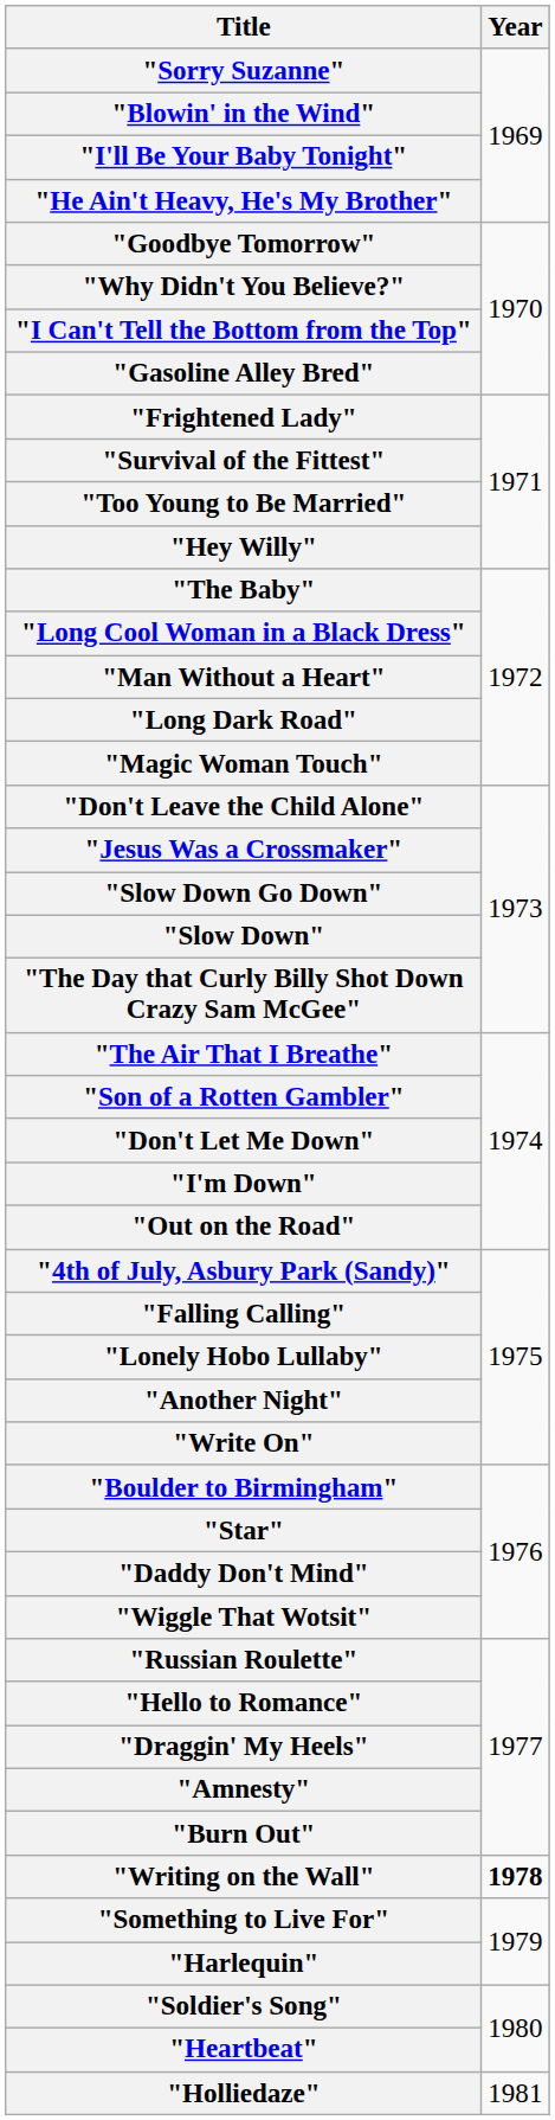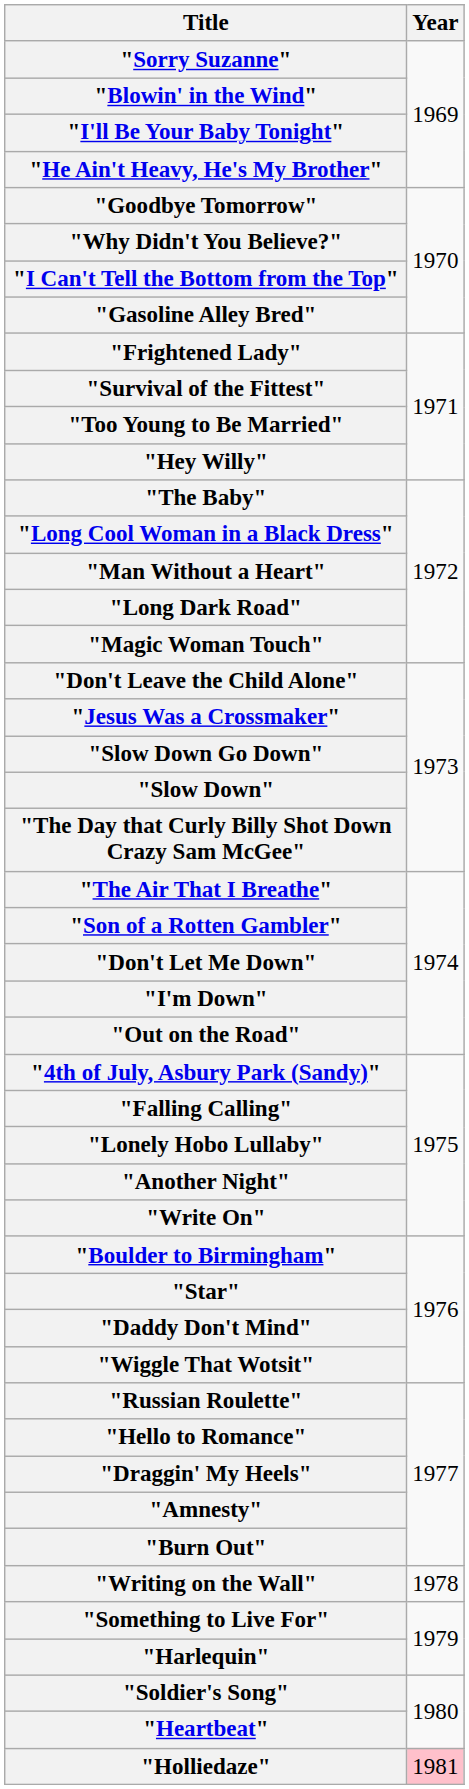 <table class="wikitable plainrowheaders" style="text-align:center;">
 <tr>
 <th rowspan="1" scope="col" style="width:17em;">Title</th>
 <th rowspan="1" scope="col" style="width:2em;">Year</th>
 </tr>
 <tr>
 <th scope="row">"<a href='#'>Sorry Suzanne</a>"</th>
 <td rowspan="4">1969</td>
 </tr>
 <tr>
 <th scope="row">"<a href='#'>Blowin' in the Wind</a>" </th>
 </tr>
 <tr>
 <th scope="row">"<a href='#'>I'll Be Your Baby Tonight</a>" </th>
 </tr>
 <tr>
 <th scope="row">"<a href='#'>He Ain't Heavy, He's My Brother</a>"</th>
 </tr>
 <tr>
 <th scope="row">"Goodbye Tomorrow" </th>
 <td rowspan="4">1970</td>
 </tr>
 <tr>
 <th scope="row">"Why Didn't You Believe?" </th>
 </tr>
 <tr>
 <th scope="row">"<a href='#'>I Can't Tell the Bottom from the Top</a>"</th>
 </tr>
 <tr>
 <th scope="row">"Gasoline Alley Bred"</th>
 </tr>
 <tr>
 <th scope="row">"Frightened Lady" </th>
 <td rowspan="4">1971</td>
 </tr>
 <tr>
 <th scope="row">"Survival of the Fittest" </th>
 </tr>
 <tr>
 <th scope="row">"Too Young to Be Married" </th>
 </tr>
 <tr>
 <th scope="row">"Hey Willy"</th>
 </tr>
 <tr>
 <th scope="row">"The Baby"</th>
 <td rowspan="5">1972</td>
 </tr>
 <tr>
 <th scope="row">"<a href='#'>Long Cool Woman in a Black Dress</a>"</th>
 </tr>
 <tr>
 <th scope="row">"Man Without a Heart" </th>
 </tr>
 <tr>
 <th scope="row">"Long Dark Road" </th>
 </tr>
 <tr>
 <th scope="row">"Magic Woman Touch"</th>
 </tr>
 <tr>
 <th scope="row">"Don't Leave the Child Alone" </th>
 <td rowspan="5">1973</td>
 </tr>
 <tr>
 <th scope="row">"<a href='#'>Jesus Was a Crossmaker</a>"</th>
 </tr>
 <tr>
 <th scope="row">"Slow Down Go Down" </th>
 </tr>
 <tr>
 <th scope="row">"Slow Down" </th>
 </tr>
 <tr>
 <th scope="row">"The Day that Curly Billy Shot Down Crazy Sam McGee"</th>
 </tr>
 <tr>
 <th scope="row">"<a href='#'>The Air That I Breathe</a>"</th>
 <td rowspan="5">1974</td>
 </tr>
 <tr>
 <th scope="row">"<a href='#'>Son of a Rotten Gambler</a>"</th>
 </tr>
 <tr>
 <th scope="row">"Don't Let Me Down" </th>
 </tr>
 <tr>
 <th scope="row">"I'm Down"</th>
 </tr>
 <tr>
 <th scope="row">"Out on the Road" </th>
 </tr>
 <tr>
 <th scope="row">"<a href='#'>4th of July, Asbury Park (Sandy)</a>"</th>
 <td rowspan="5">1975</td>
 </tr>
 <tr>
 <th scope="row">"Falling Calling" </th>
 </tr>
 <tr>
 <th scope="row">"Lonely Hobo Lullaby" </th>
 </tr>
 <tr>
 <th scope="row">"Another Night" </th>
 </tr>
 <tr>
 <th scope="row">"Write On" </th>
 </tr>
 <tr>
 <th scope="row">"<a href='#'>Boulder to Birmingham</a>"</th>
 <td rowspan="4">1976</td>
 </tr>
 <tr>
 <th scope="row">"Star"</th>
 </tr>
 <tr>
 <th scope="row">"Daddy Don't Mind"</th>
 </tr>
 <tr>
 <th scope="row">"Wiggle That Wotsit"</th>
 </tr>
 <tr>
 <th scope="row">"Russian Roulette" </th>
 <td rowspan="5">1977</td>
 </tr>
 <tr>
 <th scope="row">"Hello to Romance"</th>
 </tr>
 <tr>
 <th scope="row">"Draggin' My Heels" </th>
 </tr>
 <tr>
 <th scope="row">"Amnesty"</th>
 </tr>
 <tr>
 <th scope="row">"Burn Out" </th>
 </tr>
 <tr>
 <th scope="row">"Writing on the Wall" </th>
-<td><strong>1978</strong></td>
+<td>1978</td>
 </tr>
 <tr>
 <th scope="row">"Something to Live For"</th>
 <td rowspan="2">1979</td>
 </tr>
 <tr>
 <th scope="row">"Harlequin" </th>
 </tr>
 <tr>
 <th scope="row">"Soldier's Song"</th>
 <td rowspan="2">1980</td>
 </tr>
 <tr>
 <th scope="row">"<a href='#'>Heartbeat</a>"</th>
 </tr>
 <tr>
 <th scope="row">"Holliedaze"</th>
-<td>1981</td>
+<td style="background: pink;">1981</td>
 </tr>
 <tr>
 </tr>
 </table>
